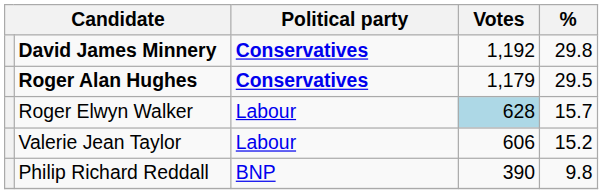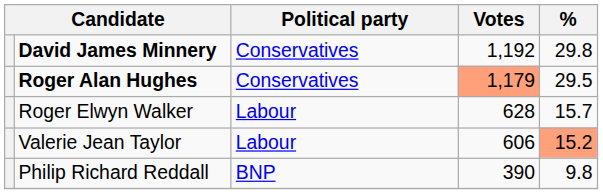 <table class="wikitable">
 <tr>
 <th valign=top colspan="2" style="width: 180px">Candidate</th>
 <th valign=top style="width: 180px">Political party</th>
 <th valign=top style="width: 60px">Votes</th>
 <th valign=top style="width: 40px">%</th>
 </tr>
 <tr>
 <th style="background-color: "></th>
 <td><strong>David James Minnery</strong></td>
-<td><strong><a href='#'>Conservatives</a></strong></td>
+<td><a href='#'>Conservatives</a></td>
 <td align="right">1,192</td>
 <td align="right">29.8</td>
 </tr>
 <tr>
 <th style="background-color: "></th>
 <td><strong>Roger Alan Hughes</strong></td>
-<td><strong><a href='#'>Conservatives</a></strong></td>
-<td align="right">1,179</td>
+<td><a href='#'>Conservatives</a></td>
+<td align="right" style="background: lightsalmon;">1,179</td>
 <td align="right">29.5</td>
 </tr>
 <tr>
 <th style="background-color: "></th>
 <td>Roger Elwyn Walker</td>
 <td><a href='#'>Labour</a></td>
-<td align="right" style="background: lightblue;">628</td>
+<td align="right">628</td>
 <td align="right">15.7</td>
 </tr>
 <tr>
 <th style="background-color: "></th>
 <td>Valerie Jean Taylor</td>
 <td><a href='#'>Labour</a></td>
 <td align="right">606</td>
-<td align="right">15.2</td>
+<td align="right" style="background: lightsalmon;">15.2</td>
 </tr>
 <tr>
 <th style="background-color: "></th>
 <td>Philip Richard Reddall</td>
 <td><a href='#'>BNP</a></td>
 <td align="right">390</td>
 <td align="right">9.8</td>
 </tr>
 <tr>
 </tr>
 </table>
